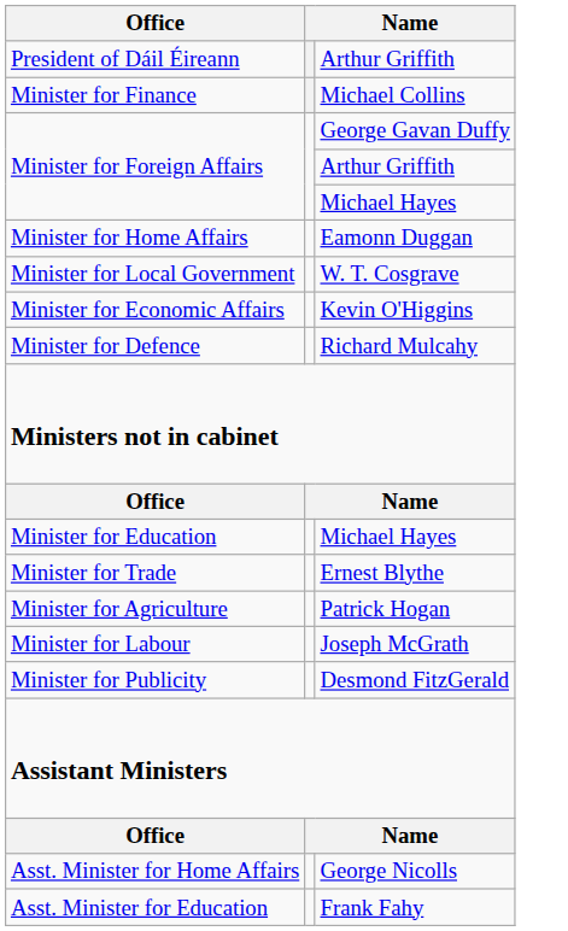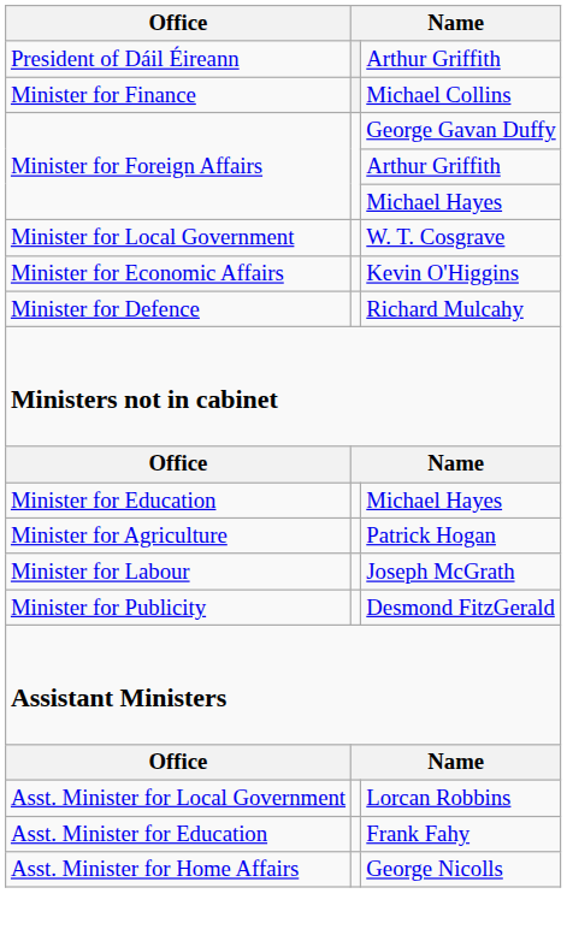 <table class="wikitable">
 <tr>
 <th>Office</th>
 <th colspan="2">Name</th>
 </tr>
 <tr>
 <td><a href='#'>President of Dáil Éireann</a></td>
 <th style="background-color: "></th>
 <td><a href='#'>Arthur Griffith</a></td>
 </tr>
 <tr>
 <td><a href='#'>Minister for Finance</a></td>
 <th style="background-color: "></th>
 <td><a href='#'>Michael Collins</a></td>
 </tr>
 <tr>
 <td rowspan="3"><a href='#'>Minister for Foreign Affairs</a></td>
 <td rowspan="3" style="background-color: "></td>
 <td><a href='#'>George Gavan Duffy</a></td>
 </tr>
 <tr>
 <td><a href='#'>Arthur Griffith</a></td>
 </tr>
 <tr>
 <td><a href='#'>Michael Hayes</a></td>
-</tr>
-<tr>
-<td><a href='#'>Minister for Home Affairs</a></td>
-<td style="background-color: "></td>
-<td><a href='#'>Eamonn Duggan</a></td>
 </tr>
 <tr>
 <td><a href='#'>Minister for Local Government</a></td>
 <td style="background-color: "></td>
 <td><a href='#'>W. T. Cosgrave</a></td>
 </tr>
 <tr>
 <td><a href='#'>Minister for Economic Affairs</a></td>
 <td style="background-color: "></td>
 <td><a href='#'>Kevin O'Higgins</a></td>
 </tr>
 <tr>
 <td><a href='#'>Minister for Defence</a></td>
 <td style="background-color: "></td>
 <td><a href='#'>Richard Mulcahy</a></td>
 </tr>
 <tr>
 <td colspan="3"><br><h3>Ministers not in cabinet</h3></td>
 </tr>
 <tr>
 <th>Office</th>
 <th colspan="2">Name</th>
 </tr>
 <tr>
 <td><a href='#'>Minister for Education</a></td>
 <td style="background-color: "></td>
 <td><a href='#'>Michael Hayes</a></td>
 </tr>
 <tr>
-<td><a href='#'>Minister for Trade</a></td>
-<td style="background-color: "></td>
-<td><a href='#'>Ernest Blythe</a></td>
-</tr>
-<tr>
 <td><a href='#'>Minister for Agriculture</a></td>
 <td style="background-color: "></td>
 <td><a href='#'>Patrick Hogan</a></td>
 </tr>
 <tr>
 <td><a href='#'>Minister for Labour</a></td>
 <td style="background-color: "></td>
 <td><a href='#'>Joseph McGrath</a></td>
 </tr>
 <tr>
 <td><a href='#'>Minister for Publicity</a></td>
 <td style="background-color: "></td>
 <td><a href='#'>Desmond FitzGerald</a></td>
 </tr>
 <tr>
 <td colspan="3"><br><h3>Assistant Ministers</h3></td>
 </tr>
 <tr>
 <th>Office</th>
 <th colspan="2">Name</th>
 </tr>
 <tr>
-<td><a href='#'>Asst. Minister for Home Affairs</a></td>
+<td><a href='#'>Asst. Minister for Local Government</a></td>
 <td style="background-color: "></td>
-<td><a href='#'>George Nicolls</a></td>
+<td><a href='#'>Lorcan Robbins</a></td>
 </tr>
 <tr>
 <td><a href='#'>Asst. Minister for Education</a></td>
 <td style="background-color: "></td>
 <td><a href='#'>Frank Fahy</a></td>
 </tr>
+<tr>
+<td><a href='#'>Asst. Minister for Home Affairs</a></td>
+<td style="background-color: "></td>
+<td><a href='#'>George Nicolls</a></td>
+</tr>
 </table>
